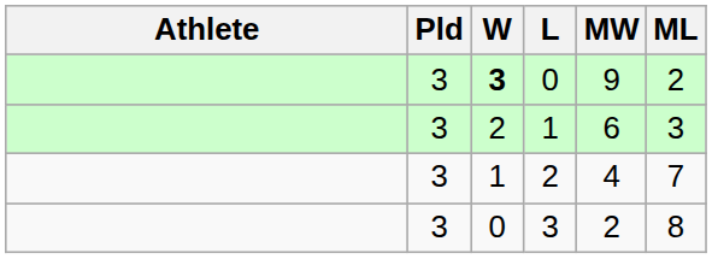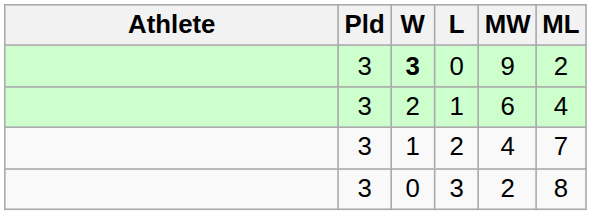 <table class="wikitable" style="text-align:center">
 <tr>
 <th width=200>Athlete</th>
 <th width=20>Pld</th>
 <th width=20>W</th>
 <th width=20>L</th>
 <th width=20>MW</th>
 <th width=20>ML</th>
 </tr>
 <tr bgcolor="ccffcc">
 <td style="text-align:left"></td>
 <td>3</td>
 <td><strong>3</strong></td>
 <td>0</td>
 <td>9</td>
 <td>2</td>
 </tr>
 <tr bgcolor="ccffcc">
 <td style="text-align:left"></td>
 <td>3</td>
 <td>2</td>
 <td>1</td>
 <td>6</td>
-<td>3</td>
+<td>4</td>
 </tr>
 <tr>
 <td style="text-align:left"></td>
 <td>3</td>
 <td>1</td>
 <td>2</td>
 <td>4</td>
 <td>7</td>
 </tr>
 <tr>
 <td style="text-align:left"></td>
 <td>3</td>
 <td>0</td>
 <td>3</td>
 <td>2</td>
 <td>8</td>
 </tr>
 </table>
